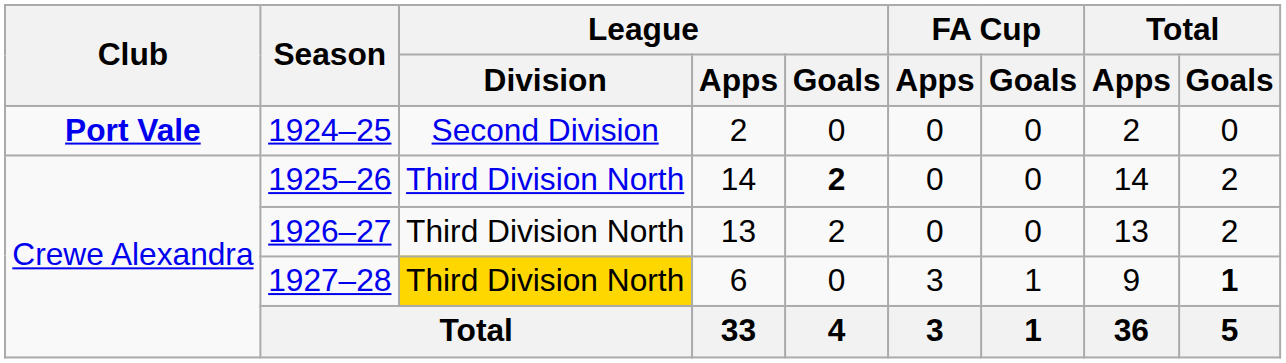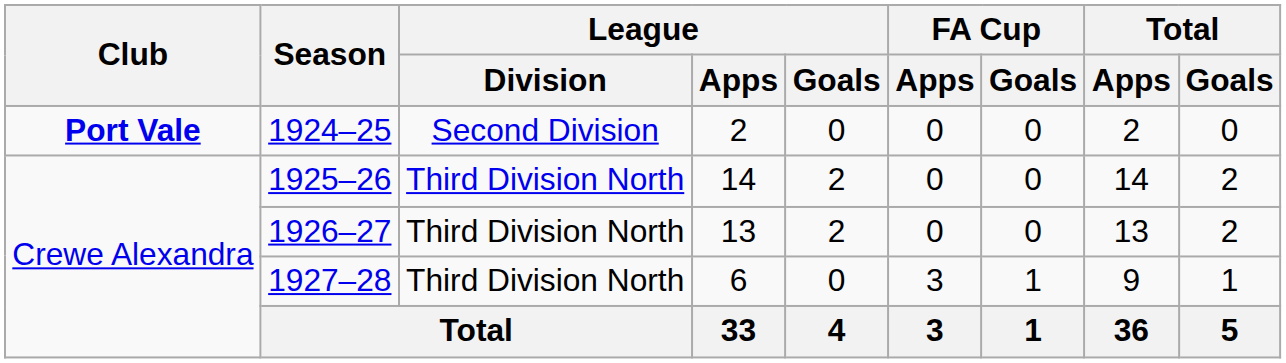 <table class="wikitable" style="text-align: center;">
 <tr>
 <th rowspan="2">Club</th>
 <th rowspan="2">Season</th>
 <th colspan="3">League</th>
 <th colspan="2">FA Cup</th>
 <th colspan="2">Total</th>
 </tr>
 <tr>
 <th>Division</th>
 <th>Apps</th>
 <th>Goals</th>
 <th>Apps</th>
 <th>Goals</th>
 <th>Apps</th>
 <th>Goals</th>
 </tr>
 <tr>
 <td><strong><a href='#'>Port Vale</a></strong></td>
 <td><a href='#'>1924–25</a></td>
 <td><a href='#'>Second Division</a></td>
 <td>2</td>
 <td>0</td>
 <td>0</td>
 <td>0</td>
 <td>2</td>
 <td>0</td>
 </tr>
 <tr>
 <td rowspan="4"><a href='#'>Crewe Alexandra</a></td>
 <td><a href='#'>1925–26</a></td>
 <td><a href='#'>Third Division North</a></td>
 <td>14</td>
-<td><strong>2</strong></td>
+<td>2</td>
 <td>0</td>
 <td>0</td>
 <td>14</td>
 <td>2</td>
 </tr>
 <tr>
 <td><a href='#'>1926–27</a></td>
 <td>Third Division North</td>
 <td>13</td>
 <td>2</td>
 <td>0</td>
 <td>0</td>
 <td>13</td>
 <td>2</td>
 </tr>
 <tr>
 <td><a href='#'>1927–28</a></td>
-<td style="background: gold;">Third Division North</td>
+<td>Third Division North</td>
 <td>6</td>
 <td>0</td>
 <td>3</td>
 <td>1</td>
 <td>9</td>
-<td><strong>1</strong></td>
+<td>1</td>
 </tr>
 <tr>
 <th colspan="2">Total</th>
 <th>33</th>
 <th>4</th>
 <th>3</th>
 <th>1</th>
 <th>36</th>
 <th>5</th>
 </tr>
 </table>
